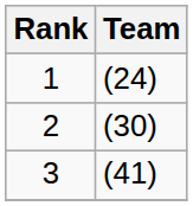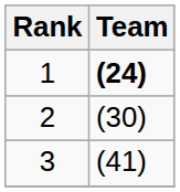 <table class="wikitable" style="text-align:center">
 <tr>
 <th width=40>Rank</th>
 <th>Team</th>
 </tr>
 <tr>
 <td>1</td>
-<td style="text-align:left"> (24)</td>
+<td style="text-align:left"><strong> (24)</strong></td>
 </tr>
 <tr>
 <td>2</td>
 <td style="text-align:left"> (30)</td>
 </tr>
 <tr>
 <td>3</td>
 <td style="text-align:left"> (41)</td>
 </tr>
 <tr>
 </tr>
 </table>
